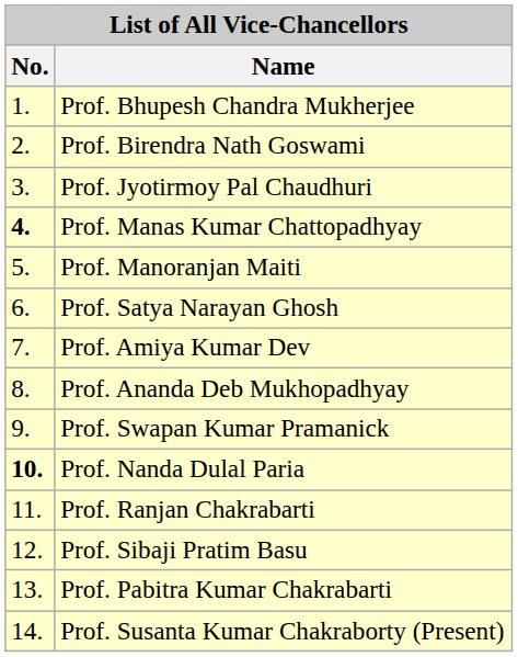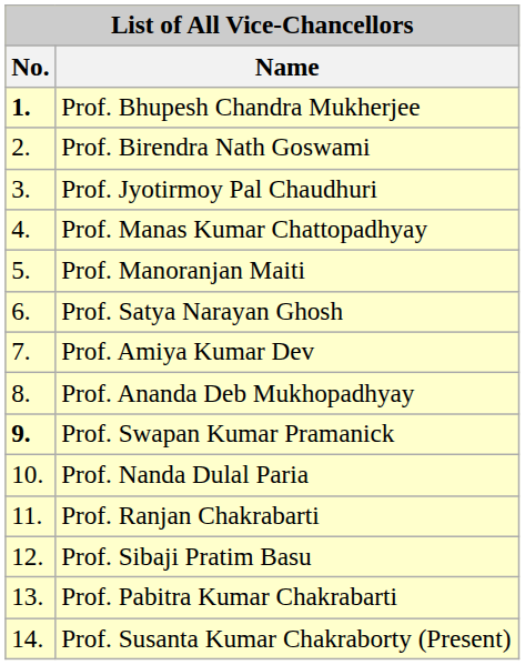 <table class="wikitable mw-collapsible mw-collapsed" style="margin-left:1em; font-size:100%; background:#ffc; color:black; width:20em; max-width:30%;"  cellspacing="0" cellpadding="0">
 <tr>
 <th style="background:#ccc;" colspan="2">List of All Vice-Chancellors</th>
 </tr>
 <tr>
 <th scope="col" style="width: 5%;">No.</th>
 <th scope="col" style="width: 95%;">Name</th>
 </tr>
 <tr>
-<td>1.</td>
+<td><strong>1.</strong></td>
 <td>Prof. Bhupesh Chandra Mukherjee</td>
 </tr>
 <tr>
 <td>2.</td>
 <td>Prof. Birendra Nath Goswami</td>
 </tr>
 <tr>
 <td>3.</td>
 <td>Prof. Jyotirmoy Pal Chaudhuri</td>
 </tr>
 <tr>
-<td><strong>4.</strong></td>
+<td>4.</td>
 <td>Prof. Manas Kumar Chattopadhyay</td>
 </tr>
 <tr>
 <td>5.</td>
 <td>Prof. Manoranjan Maiti</td>
 </tr>
 <tr>
 <td>6.</td>
 <td>Prof. Satya Narayan Ghosh</td>
 </tr>
 <tr>
 <td>7.</td>
 <td>Prof. Amiya Kumar Dev</td>
 </tr>
 <tr>
 <td>8.</td>
 <td>Prof. Ananda Deb Mukhopadhyay</td>
 </tr>
 <tr>
-<td>9.</td>
+<td><strong>9.</strong></td>
 <td>Prof. Swapan Kumar Pramanick</td>
 </tr>
 <tr>
-<td><strong>10.</strong></td>
+<td>10.</td>
 <td>Prof. Nanda Dulal Paria</td>
 </tr>
 <tr>
 <td>11.</td>
 <td>Prof. Ranjan Chakrabarti</td>
 </tr>
 <tr>
 <td>12.</td>
 <td>Prof. Sibaji Pratim Basu</td>
 </tr>
 <tr>
 <td>13.</td>
 <td>Prof. Pabitra Kumar Chakrabarti</td>
 </tr>
 <tr>
 <td>14.</td>
 <td>Prof. Susanta Kumar Chakraborty (Present)</td>
 </tr>
 </table>
